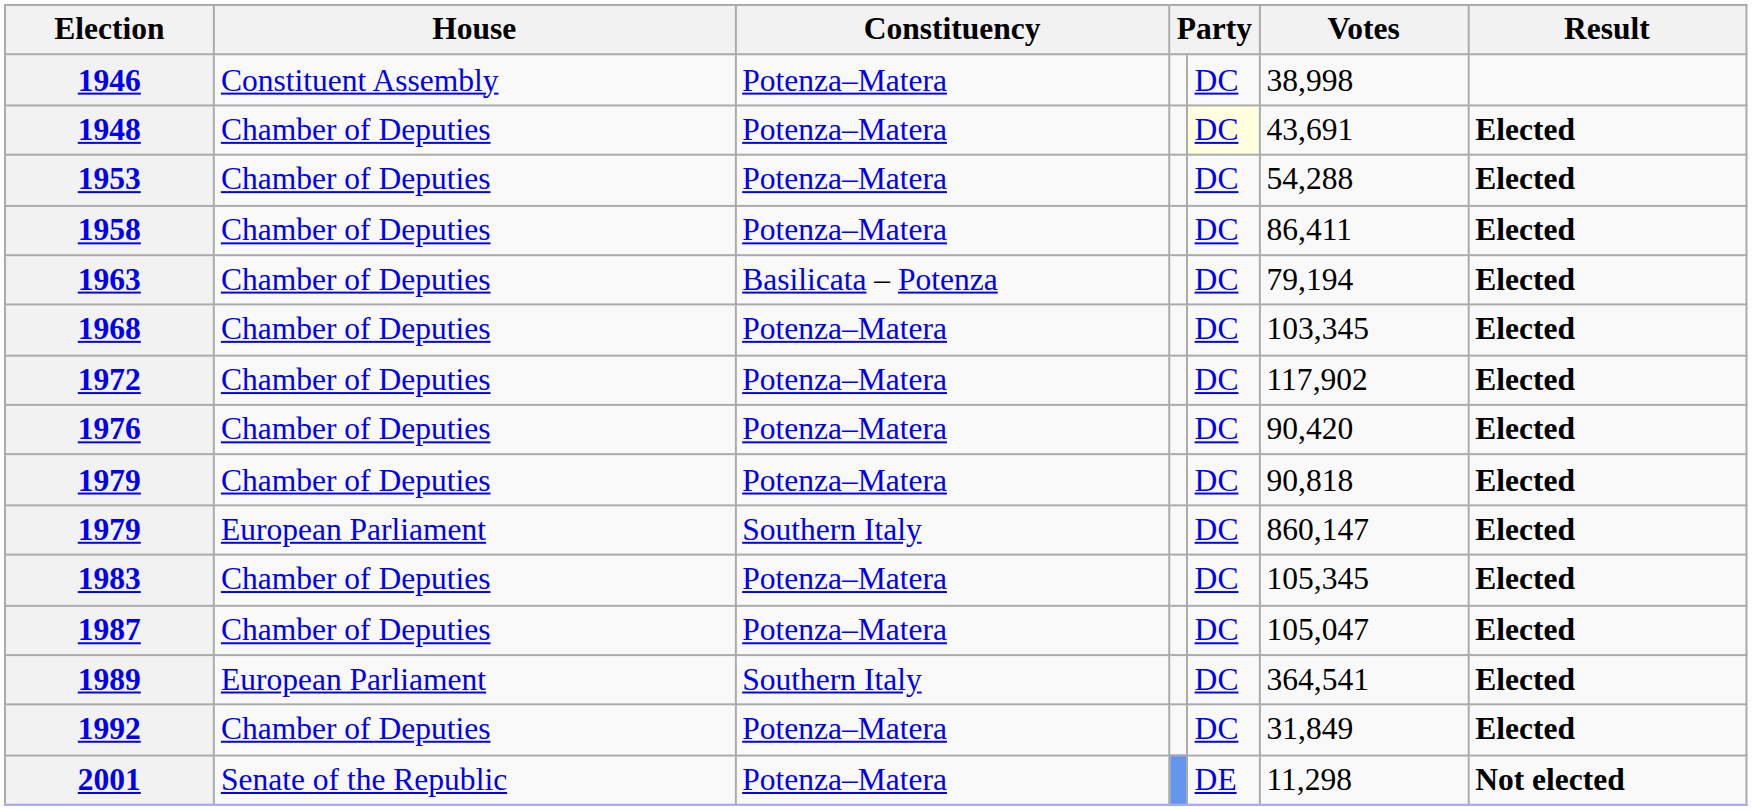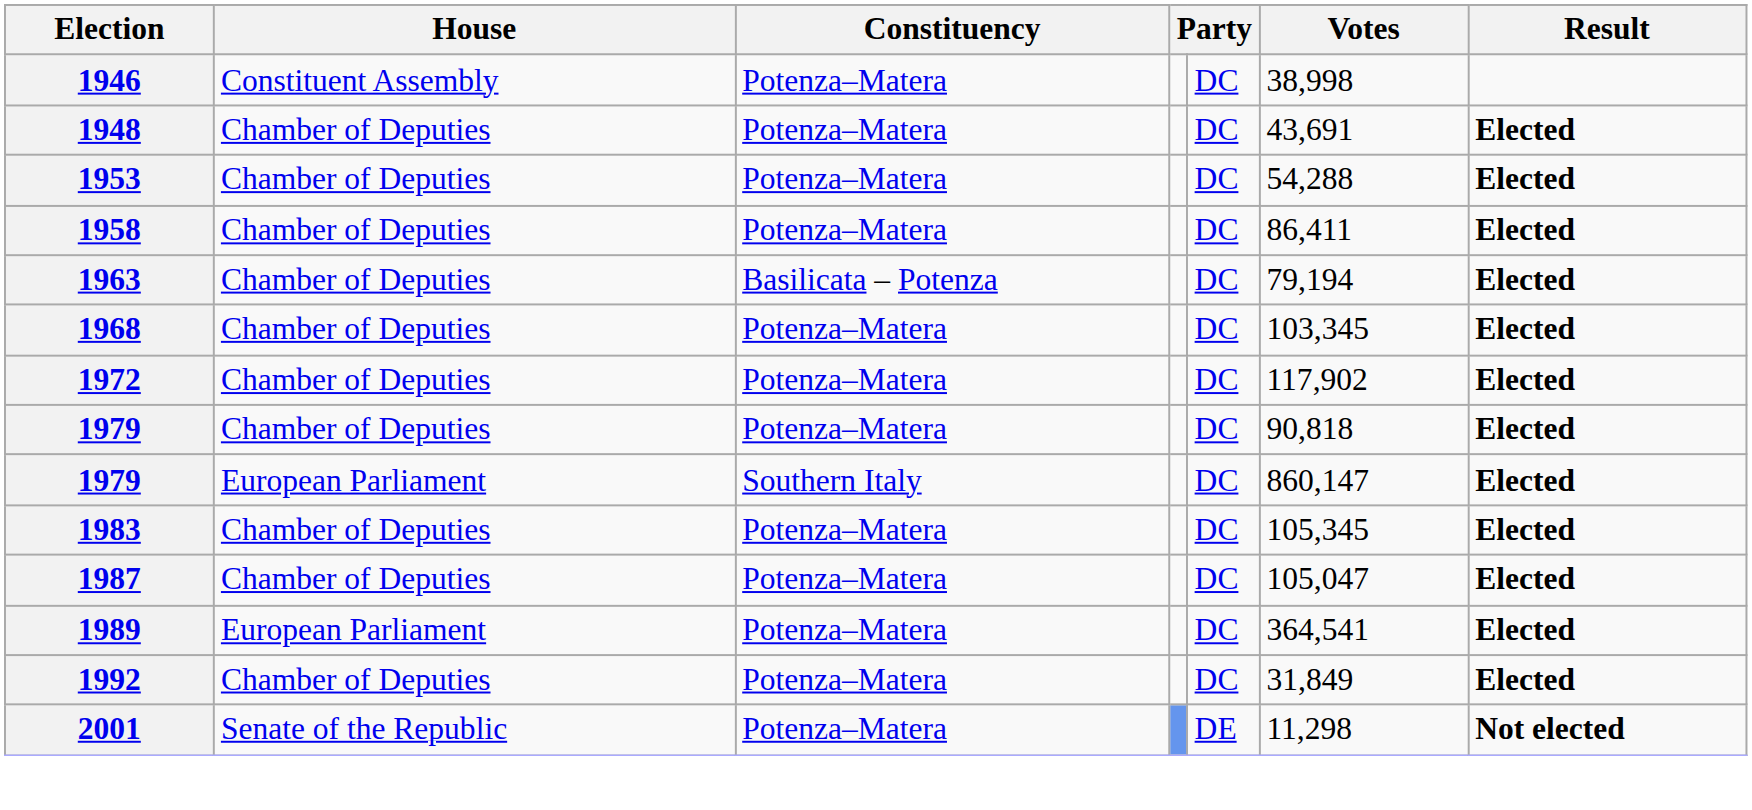 <table class=wikitable style="width:70%; border:1px #AAAAFF solid">
 <tr>
 <th width=12%>Election</th>
 <th width=30%>House</th>
 <th width=25%>Constituency</th>
 <th width=5% colspan="2">Party</th>
 <th width=12%>Votes</th>
 <th width=30%>Result</th>
 </tr>
 <tr>
 <th><a href='#'>1946</a></th>
 <td><a href='#'>Constituent Assembly</a></td>
 <td><a href='#'>Potenza–Matera</a></td>
 <td></td>
 <td><a href='#'>DC</a></td>
 <td>38,998</td>
 <td></td>
 </tr>
 <tr>
 <th><a href='#'>1948</a></th>
 <td><a href='#'>Chamber of Deputies</a></td>
 <td><a href='#'>Potenza–Matera</a></td>
 <td></td>
-<td style="background: lightyellow;"><a href='#'>DC</a></td>
+<td><a href='#'>DC</a></td>
 <td>43,691</td>
 <td> <strong>Elected</strong></td>
 </tr>
 <tr>
 <th><a href='#'>1953</a></th>
 <td><a href='#'>Chamber of Deputies</a></td>
 <td><a href='#'>Potenza–Matera</a></td>
 <td></td>
 <td><a href='#'>DC</a></td>
 <td>54,288</td>
 <td> <strong>Elected</strong></td>
 </tr>
 <tr>
 <th><a href='#'>1958</a></th>
 <td><a href='#'>Chamber of Deputies</a></td>
 <td><a href='#'>Potenza–Matera</a></td>
 <td></td>
 <td><a href='#'>DC</a></td>
 <td>86,411</td>
 <td> <strong>Elected</strong></td>
 </tr>
 <tr>
 <th><a href='#'>1963</a></th>
 <td><a href='#'>Chamber of Deputies</a></td>
 <td><a href='#'>Basilicata</a> – <a href='#'>Potenza</a></td>
 <td></td>
 <td><a href='#'>DC</a></td>
 <td>79,194</td>
 <td> <strong>Elected</strong></td>
 </tr>
 <tr>
 <th><a href='#'>1968</a></th>
 <td><a href='#'>Chamber of Deputies</a></td>
 <td><a href='#'>Potenza–Matera</a></td>
 <td></td>
 <td><a href='#'>DC</a></td>
 <td>103,345</td>
 <td> <strong>Elected</strong></td>
 </tr>
 <tr>
 <th><a href='#'>1972</a></th>
 <td><a href='#'>Chamber of Deputies</a></td>
 <td><a href='#'>Potenza–Matera</a></td>
 <td></td>
 <td><a href='#'>DC</a></td>
 <td>117,902</td>
 <td> <strong>Elected</strong></td>
 </tr>
 <tr>
-<th><a href='#'>1976</a></th>
-<td><a href='#'>Chamber of Deputies</a></td>
-<td><a href='#'>Potenza–Matera</a></td>
-<td></td>
-<td><a href='#'>DC</a></td>
-<td>90,420</td>
-<td> <strong>Elected</strong></td>
-</tr>
-<tr>
 <th><a href='#'>1979</a></th>
 <td><a href='#'>Chamber of Deputies</a></td>
 <td><a href='#'>Potenza–Matera</a></td>
 <td></td>
 <td><a href='#'>DC</a></td>
 <td>90,818</td>
 <td> <strong>Elected</strong></td>
 </tr>
 <tr>
 <th><a href='#'>1979</a></th>
 <td><a href='#'>European Parliament</a></td>
 <td><a href='#'>Southern Italy</a></td>
 <td></td>
 <td><a href='#'>DC</a></td>
 <td>860,147</td>
 <td> <strong>Elected</strong></td>
 </tr>
 <tr>
 <th><a href='#'>1983</a></th>
 <td><a href='#'>Chamber of Deputies</a></td>
 <td><a href='#'>Potenza–Matera</a></td>
 <td></td>
 <td><a href='#'>DC</a></td>
 <td>105,345</td>
 <td> <strong>Elected</strong></td>
 </tr>
 <tr>
 <th><a href='#'>1987</a></th>
 <td><a href='#'>Chamber of Deputies</a></td>
 <td><a href='#'>Potenza–Matera</a></td>
 <td></td>
 <td><a href='#'>DC</a></td>
 <td>105,047</td>
 <td> <strong>Elected</strong></td>
 </tr>
 <tr>
 <th><a href='#'>1989</a></th>
 <td><a href='#'>European Parliament</a></td>
-<td><a href='#'>Southern Italy</a></td>
+<td><a href='#'>Potenza–Matera</a></td>
 <td></td>
 <td><a href='#'>DC</a></td>
 <td>364,541</td>
 <td> <strong>Elected</strong></td>
 </tr>
 <tr>
 <th><a href='#'>1992</a></th>
 <td><a href='#'>Chamber of Deputies</a></td>
 <td><a href='#'>Potenza–Matera</a></td>
 <td></td>
 <td><a href='#'>DC</a></td>
 <td>31,849</td>
 <td> <strong>Elected</strong></td>
 </tr>
 <tr>
 <th><a href='#'>2001</a></th>
 <td><a href='#'>Senate of the Republic</a></td>
 <td><a href='#'>Potenza–Matera</a></td>
 <td bgcolor="#6495ed"></td>
 <td><a href='#'>DE</a></td>
 <td>11,298</td>
 <td> <strong>Not elected</strong></td>
 </tr>
 <tr>
 </tr>
 </table>
